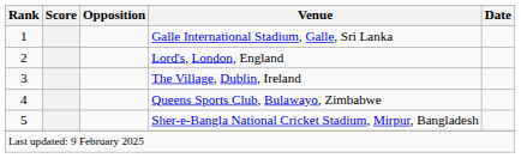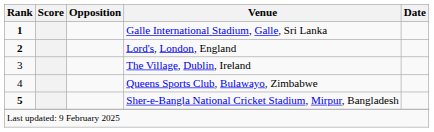 <table class="wikitable plainrowheaders sortable">
 <tr>
 <th scope=col>Rank</th>
 <th scope=col>Score</th>
 <th scope=col>Opposition</th>
 <th scope=col>Venue</th>
 <th scope=col>Date</th>
 </tr>
 <tr>
-<td align=center>1</td>
+<td align=center><strong>1</strong></td>
 <th scope=row style=text-align:center;></th>
 <td></td>
 <td><a href='#'>Galle International Stadium</a>, <a href='#'>Galle</a>, Sri Lanka</td>
 <td></td>
 </tr>
 <tr>
-<td align=center>2</td>
+<td align=center><strong>2</strong></td>
 <th scope=row style=text-align:center;></th>
 <td></td>
 <td><a href='#'>Lord's</a>, <a href='#'>London</a>, England</td>
 <td></td>
 </tr>
 <tr>
 <td align=center>3</td>
 <th scope=row style=text-align:center;></th>
 <td></td>
 <td><a href='#'>The Village</a>, <a href='#'>Dublin</a>, Ireland</td>
 <td></td>
 </tr>
 <tr>
 <td align=center>4</td>
 <th scope=row style=text-align:center;></th>
 <td></td>
 <td><a href='#'>Queens Sports Club</a>, <a href='#'>Bulawayo</a>, Zimbabwe</td>
 <td></td>
 </tr>
 <tr>
-<td align=center>5</td>
+<td align=center><strong>5</strong></td>
 <th scope=row style=text-align:center;></th>
 <td></td>
 <td><a href='#'>Sher-e-Bangla National Cricket Stadium</a>, <a href='#'>Mirpur</a>, Bangladesh</td>
 <td></td>
 </tr>
 <tr>
 </tr>
 <tr class=sortbottom>
 <td colspan=5><small>Last updated: 9 February 2025</small></td>
 </tr>
 </table>
